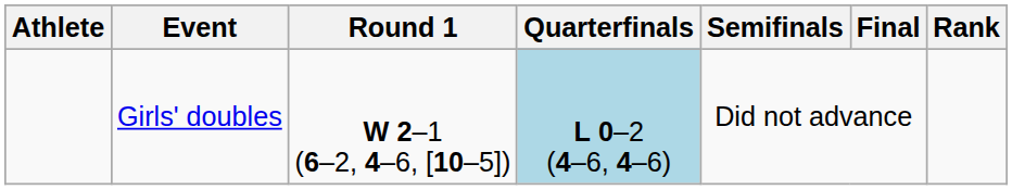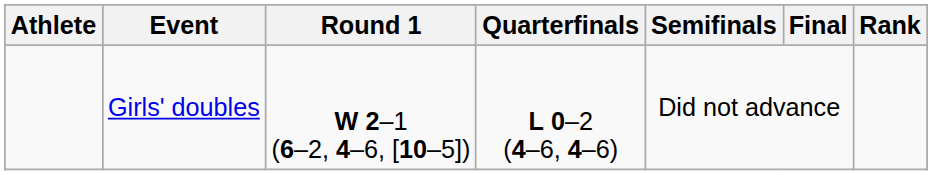 <table class=wikitable style="font-size:90%">
 <tr>
 <th>Athlete</th>
 <th>Event</th>
 <th>Round 1</th>
 <th>Quarterfinals</th>
 <th>Semifinals</th>
 <th>Final</th>
 <th>Rank</th>
 </tr>
 <tr>
 <td> <br></td>
 <td><a href='#'>Girls' doubles</a></td>
 <td align=center><br><br><strong>W</strong> <strong>2</strong>–1<br> (<strong>6</strong>–2, <strong>4</strong>–6, [<strong>10</strong>–5])</td>
-<td align=center style="background: lightblue;"><br><br><strong>L</strong> <strong>0</strong>–2<br> (<strong>4</strong>–6, <strong>4</strong>–6)</td>
+<td align=center><br><br><strong>L</strong> <strong>0</strong>–2<br> (<strong>4</strong>–6, <strong>4</strong>–6)</td>
 <td colspan=2 align=center>Did not advance</td>
 <td align=center></td>
 </tr>
 </table>
